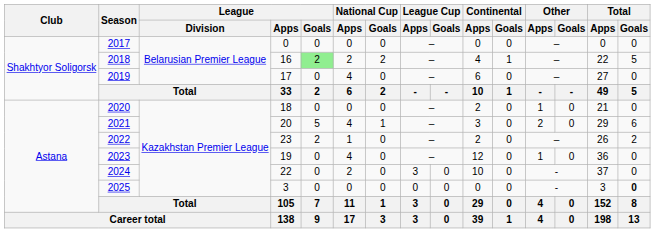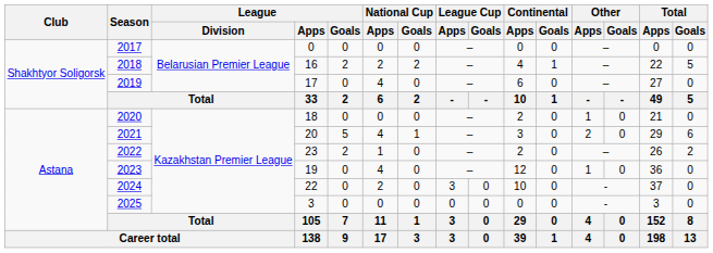 <table class="wikitable" style="text-align: center">
 <tr>
 <th rowspan="2">Club</th>
 <th rowspan="2">Season</th>
 <th colspan="3">League</th>
 <th colspan="2">National Cup</th>
 <th colspan="2">League Cup</th>
 <th colspan="2">Continental</th>
 <th colspan="2">Other</th>
 <th colspan="2">Total</th>
 </tr>
 <tr>
 <th>Division</th>
 <th>Apps</th>
 <th>Goals</th>
 <th>Apps</th>
 <th>Goals</th>
 <th>Apps</th>
 <th>Goals</th>
 <th>Apps</th>
 <th>Goals</th>
 <th>Apps</th>
 <th>Goals</th>
 <th>Apps</th>
 <th>Goals</th>
 </tr>
 <tr>
 <td rowspan="4"><a href='#'>Shakhtyor Soligorsk</a></td>
 <td><a href='#'>2017</a></td>
 <td rowspan="3"><a href='#'>Belarusian Premier League</a></td>
 <td>0</td>
 <td>0</td>
 <td>0</td>
 <td>0</td>
 <td colspan="2">–</td>
 <td>0</td>
 <td>0</td>
 <td colspan="2">–</td>
 <td>0</td>
 <td>0</td>
 </tr>
 <tr>
 <td><a href='#'>2018</a></td>
 <td>16</td>
-<td style="background: lightgreen;">2</td>
+<td>2</td>
 <td>2</td>
 <td>2</td>
 <td colspan="2">–</td>
 <td>4</td>
 <td>1</td>
 <td colspan="2">–</td>
 <td>22</td>
 <td>5</td>
 </tr>
 <tr>
 <td><a href='#'>2019</a></td>
 <td>17</td>
 <td>0</td>
 <td>4</td>
 <td>0</td>
 <td colspan="2">–</td>
 <td>6</td>
 <td>0</td>
 <td colspan="2">–</td>
 <td>27</td>
 <td>0</td>
 </tr>
 <tr>
 <th colspan="2">Total</th>
 <th>33</th>
 <th>2</th>
 <th>6</th>
 <th>2</th>
 <th>-</th>
 <th>-</th>
 <th>10</th>
 <th>1</th>
 <th>-</th>
 <th>-</th>
 <th>49</th>
 <th>5</th>
 </tr>
 <tr>
 <td rowspan="7"><a href='#'>Astana</a></td>
 <td><a href='#'>2020</a></td>
 <td rowspan="6"><a href='#'>Kazakhstan Premier League</a></td>
 <td>18</td>
 <td>0</td>
 <td>0</td>
 <td>0</td>
 <td colspan="2">–</td>
 <td>2</td>
 <td>0</td>
 <td>1</td>
 <td>0</td>
 <td>21</td>
 <td>0</td>
 </tr>
 <tr>
 <td><a href='#'>2021</a></td>
 <td>20</td>
 <td>5</td>
 <td>4</td>
 <td>1</td>
 <td colspan="2">–</td>
 <td>3</td>
 <td>0</td>
 <td>2</td>
 <td>0</td>
 <td>29</td>
 <td>6</td>
 </tr>
 <tr>
 <td><a href='#'>2022</a></td>
 <td>23</td>
 <td>2</td>
 <td>1</td>
 <td>0</td>
 <td colspan="2">–</td>
 <td>2</td>
 <td>0</td>
 <td colspan="2">–</td>
 <td>26</td>
 <td>2</td>
 </tr>
 <tr>
 <td><a href='#'>2023</a></td>
 <td>19</td>
 <td>0</td>
 <td>4</td>
 <td>0</td>
 <td colspan="2">–</td>
 <td>12</td>
 <td>0</td>
 <td>1</td>
 <td>0</td>
 <td>36</td>
 <td>0</td>
 </tr>
 <tr>
 <td><a href='#'>2024</a></td>
 <td>22</td>
 <td>0</td>
 <td>2</td>
 <td>0</td>
 <td>3</td>
 <td>0</td>
 <td>10</td>
 <td>0</td>
 <td colspan="2">-</td>
 <td>37</td>
 <td>0</td>
 </tr>
 <tr>
 <td><a href='#'>2025</a></td>
 <td>3</td>
 <td>0</td>
 <td>0</td>
 <td>0</td>
 <td>0</td>
 <td>0</td>
 <td>0</td>
 <td>0</td>
 <td colspan="2">-</td>
 <td>3</td>
-<td><strong>0</strong></td>
+<td>0</td>
 </tr>
 <tr>
 <th colspan="2">Total</th>
 <th>105</th>
 <th>7</th>
 <th>11</th>
 <th>1</th>
 <th>3</th>
 <th>0</th>
 <th>29</th>
 <th>0</th>
 <th>4</th>
 <th>0</th>
 <th>152</th>
 <th>8</th>
 </tr>
 <tr>
 <th colspan="3">Career total</th>
 <th>138</th>
 <th>9</th>
 <th>17</th>
 <th>3</th>
 <th>3</th>
 <th>0</th>
 <th>39</th>
 <th>1</th>
 <th>4</th>
 <th>0</th>
 <th>198</th>
 <th>13</th>
 </tr>
 </table>
